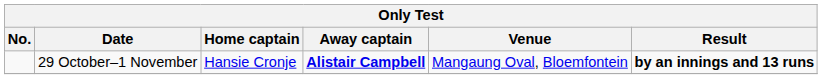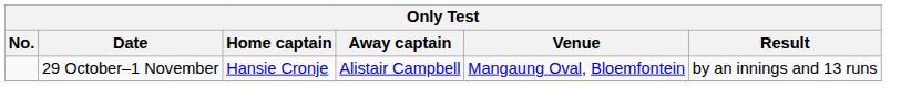 <table class="wikitable">
 <tr>
 <th colspan="9">Only Test</th>
 </tr>
 <tr>
 <th>No.</th>
 <th>Date</th>
 <th>Home captain</th>
 <th>Away captain</th>
 <th>Venue</th>
 <th>Result</th>
 </tr>
 <tr>
 <td></td>
 <td>29 October–1 November</td>
 <td><a href='#'>Hansie Cronje</a></td>
-<td><strong><a href='#'>Alistair Campbell</a></strong></td>
+<td><a href='#'>Alistair Campbell</a></td>
 <td><a href='#'>Mangaung Oval</a>, <a href='#'>Bloemfontein</a></td>
-<td><strong> by an innings and 13 runs</strong></td>
+<td> by an innings and 13 runs</td>
 </tr>
 <tr>
 </tr>
 </table>
